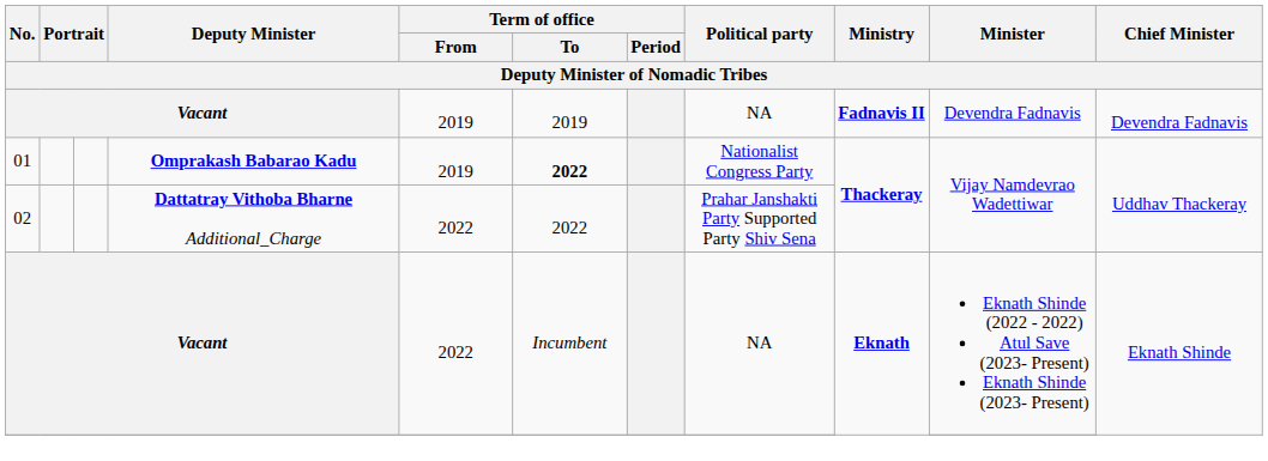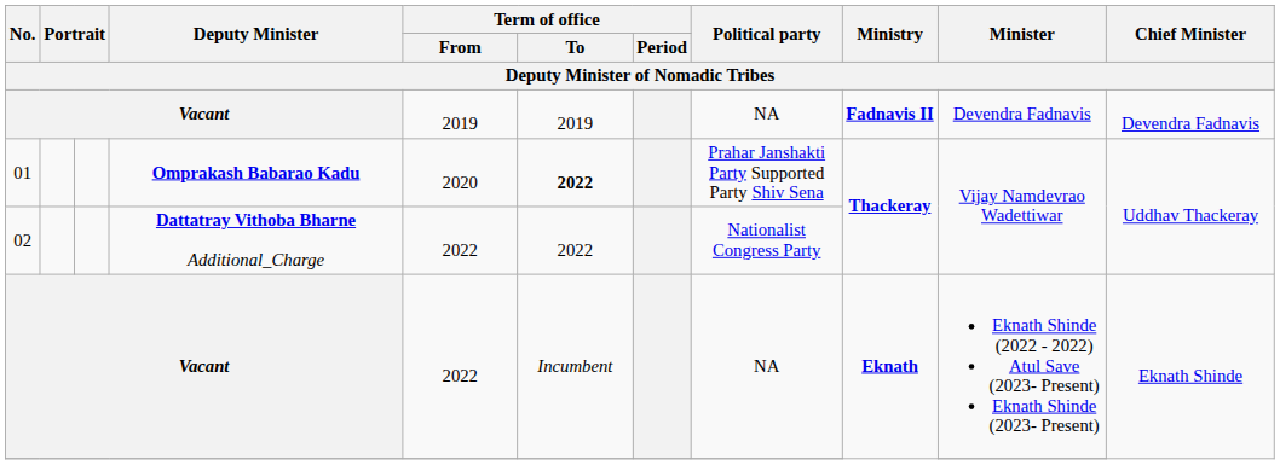 <table class="wikitable" style="text-align:center">
 <tr>
 <th rowspan="2">No.</th>
 <th rowspan="2" colspan="2">Portrait</th>
 <th rowspan="2" style="width:16em">Deputy Minister<br></th>
 <th colspan="3">Term of office</th>
 <th rowspan="2" style="width:8em">Political party</th>
 <th rowspan="2">Ministry</th>
 <th rowspan="2" style="width:9em">Minister</th>
 <th rowspan="2" style="width:9em">Chief Minister</th>
 </tr>
 <tr>
 <th style="width:6em">From</th>
 <th style="width:6em">To</th>
 <th>Period</th>
 </tr>
 <tr>
 <th colspan="11">Deputy Minister of Nomadic Tribes</th>
 </tr>
 <tr>
 <th colspan="04"><strong><em> Vacant</em></strong></th>
 <td><br>2019</td>
 <td><br>2019</td>
 <th></th>
 <td>NA</td>
 <td rowspan="1"><a href='#'><strong>Fadnavis II</strong></a></td>
 <td><a href='#'>Devendra Fadnavis</a></td>
 <td rowspan="1"> <br><a href='#'>Devendra Fadnavis</a></td>
 </tr>
 <tr>
 <td>01</td>
 <td style="color:inherit;background:"></td>
 <td></td>
 <td><strong><a href='#'>Omprakash Babarao Kadu</a></strong> <br> </td>
-<td><br>2019</td>
+<td><br>2020</td>
 <td><strong><br>2022</strong></td>
 <th></th>
-<td><a href='#'>Nationalist Congress Party</a></td>
+<td><a href='#'>Prahar Janshakti Party</a> Supported Party <a href='#'>Shiv Sena</a></td>
 <td rowspan="2"><a href='#'><strong>Thackeray</strong></a></td>
 <td rowspan="2"><a href='#'>Vijay Namdevrao Wadettiwar</a></td>
 <td rowspan="2"> <br><a href='#'>Uddhav Thackeray</a></td>
 </tr>
 <tr>
 <td>02</td>
 <td style="color:inherit;background:"></td>
 <td></td>
 <td><strong><a href='#'>Dattatray Vithoba Bharne</a></strong><br> <br><em>Additional_Charge</em></td>
 <td><br>2022</td>
 <td><br>2022</td>
 <th></th>
-<td><a href='#'>Prahar Janshakti Party</a> Supported Party <a href='#'>Shiv Sena</a></td>
+<td><a href='#'>Nationalist Congress Party</a></td>
 </tr>
 <tr>
 <th colspan="04"><strong><em>Vacant</em></strong></th>
 <td><br>2022</td>
 <td><em>Incumbent</em></td>
 <th></th>
 <td>NA</td>
 <td rowspan="2"><a href='#'><strong>Eknath</strong></a></td>
 <td><br><ul><li><a href='#'>Eknath Shinde</a><br>(2022 - 2022)</li><li><a href='#'>Atul Save</a><br> (2023- Present)</li><li><a href='#'>Eknath Shinde</a><br> (2023- Present)</li></ul></td>
 <td rowspan="2"> <br><a href='#'>Eknath Shinde</a></td>
 </tr>
 <tr>
 </tr>
 </table>
